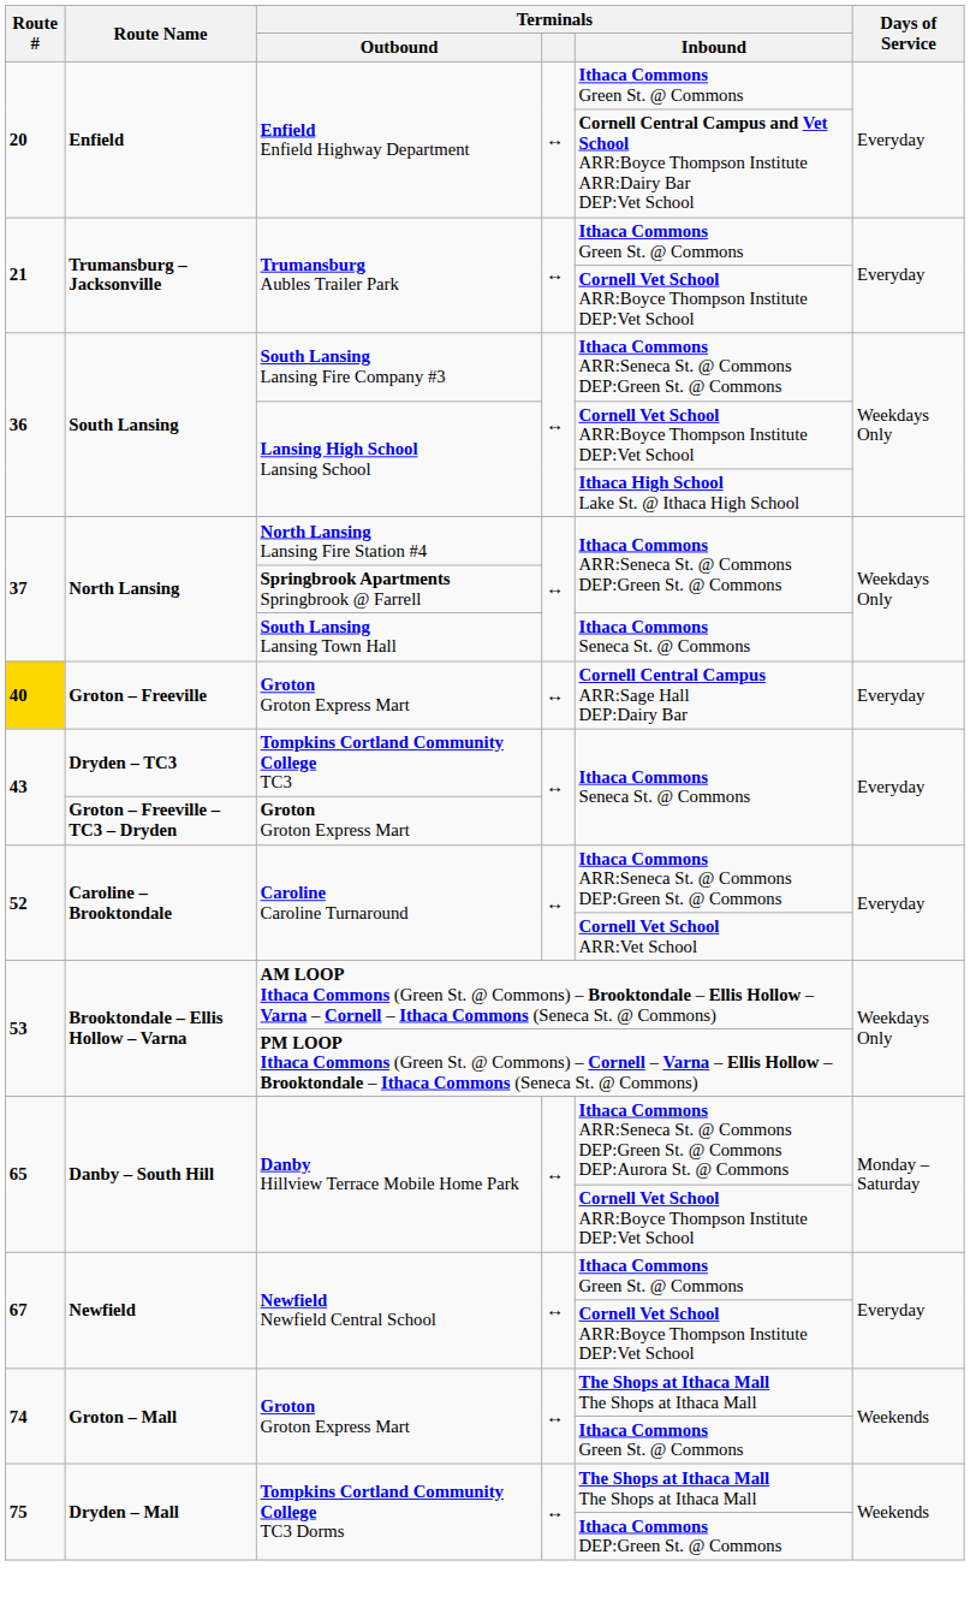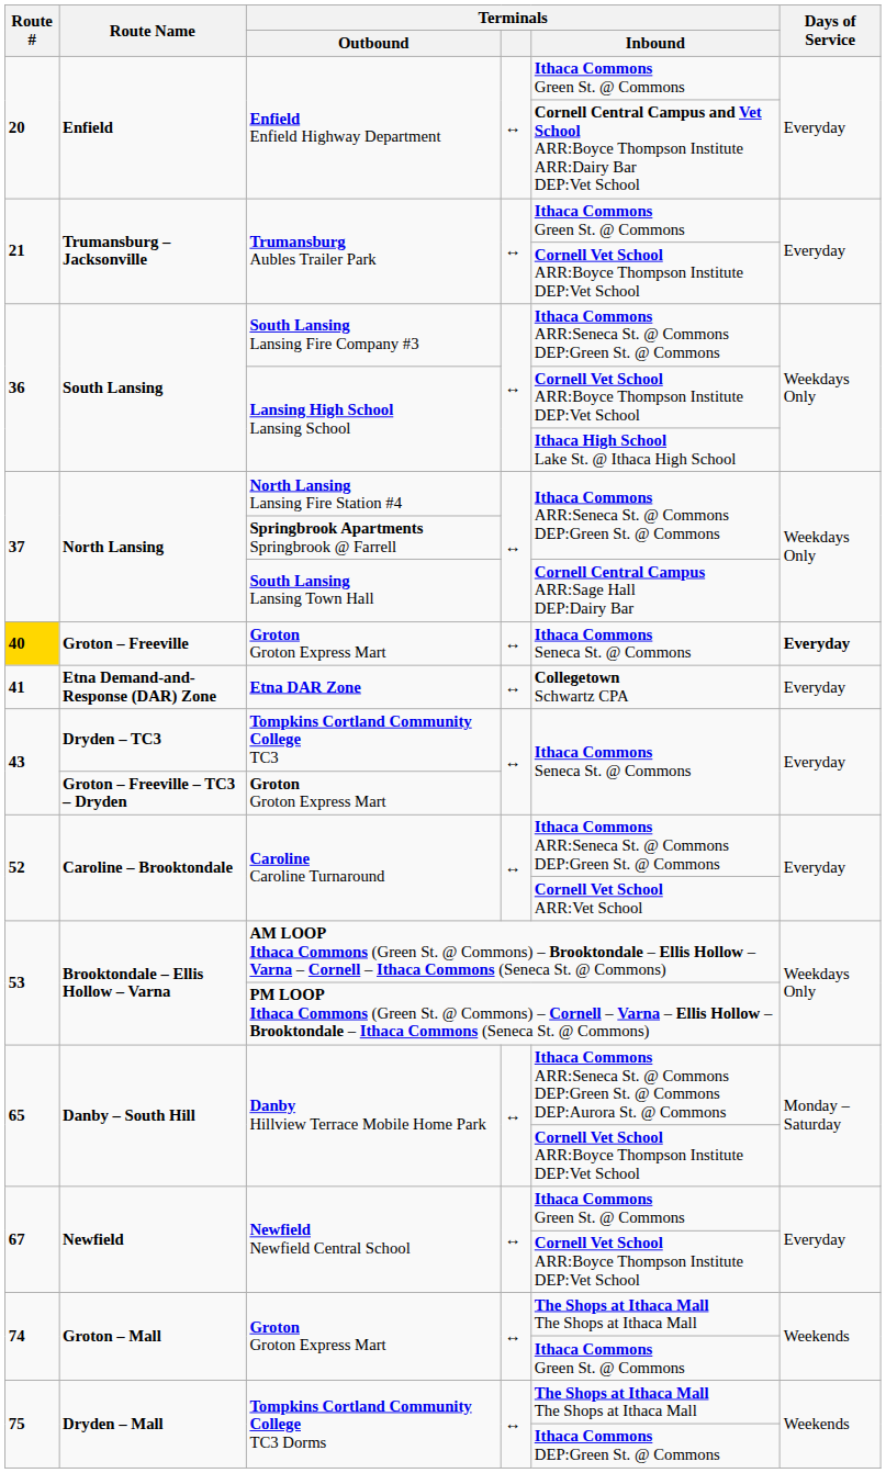 <table class="wikitable">
 <tr>
 <th rowspan="2">Route #</th>
 <th rowspan="2">Route Name</th>
 <th colspan="3">Terminals</th>
 <th rowspan="2">Days of Service</th>
 </tr>
 <tr>
 <th>Outbound</th>
 <th></th>
 <th>Inbound</th>
 </tr>
 <tr>
 <td rowspan="2"><strong>20</strong></td>
 <td rowspan="2"><strong>Enfield</strong></td>
 <td rowspan="2"><strong><a href='#'>Enfield</a></strong><br>Enfield Highway Department</td>
 <td rowspan="2">↔</td>
 <td><strong><a href='#'>Ithaca Commons</a></strong><br>Green St. @ Commons</td>
 <td rowspan="2">Everyday</td>
 </tr>
 <tr>
 <td><strong>Cornell Central Campus and <a href='#'>Vet School</a></strong><br>ARR:Boyce Thompson Institute<br>ARR:Dairy Bar<br>DEP:Vet School</td>
 </tr>
 <tr>
 <td rowspan="2"><strong>21</strong></td>
 <td rowspan="2"><strong>Trumansburg – Jacksonville</strong></td>
 <td rowspan="2"><strong><a href='#'>Trumansburg</a></strong><br>Aubles Trailer Park</td>
 <td rowspan="2">↔</td>
 <td><strong><a href='#'>Ithaca Commons</a></strong><br>Green St. @ Commons</td>
 <td rowspan="2">Everyday</td>
 </tr>
 <tr>
 <td><strong><a href='#'>Cornell Vet School</a></strong><br>ARR:Boyce Thompson Institute<br>DEP:Vet School</td>
 </tr>
 <tr>
 <td rowspan="3"><strong>36</strong></td>
 <td rowspan="3"><strong>South Lansing</strong></td>
 <td><strong><a href='#'>South Lansing</a></strong><br>Lansing Fire Company #3</td>
 <td rowspan="3">↔</td>
 <td><strong><a href='#'>Ithaca Commons</a></strong><br>ARR:Seneca St. @ Commons<br>DEP:Green St. @ Commons</td>
 <td rowspan="3">Weekdays Only</td>
 </tr>
 <tr>
 <td rowspan="2"><strong><a href='#'>Lansing High School</a></strong><br>Lansing School</td>
 <td><strong><a href='#'>Cornell Vet School</a></strong><br>ARR:Boyce Thompson Institute<br>DEP:Vet School</td>
 </tr>
 <tr>
 <td><strong><a href='#'>Ithaca High School</a></strong><br>Lake St. @ Ithaca High School</td>
 </tr>
 <tr>
 <td rowspan="3"><strong>37</strong></td>
 <td rowspan="3"><strong>North Lansing</strong></td>
 <td><strong><a href='#'>North Lansing</a></strong><br>Lansing Fire Station #4</td>
 <td rowspan="3">↔</td>
 <td rowspan="2"><strong><a href='#'>Ithaca Commons</a></strong><br>ARR:Seneca St. @ Commons<br>DEP:Green St. @ Commons</td>
 <td rowspan="3">Weekdays Only</td>
 </tr>
 <tr>
 <td><strong>Springbrook Apartments</strong><br>Springbrook @ Farrell</td>
 </tr>
 <tr>
 <td><strong><a href='#'>South Lansing</a></strong><br>Lansing Town Hall</td>
-<td><strong><a href='#'>Ithaca Commons</a></strong><br>Seneca St. @ Commons</td>
+<td><strong><a href='#'>Cornell Central Campus</a></strong><br>ARR:Sage Hall<br>DEP:Dairy Bar</td>
 </tr>
 <tr>
 <td style="background: gold;"><strong>40</strong></td>
 <td><strong>Groton – Freeville</strong></td>
 <td><strong><a href='#'>Groton</a></strong><br>Groton Express Mart</td>
 <td>↔</td>
-<td><strong><a href='#'>Cornell Central Campus</a></strong><br>ARR:Sage Hall<br>DEP:Dairy Bar</td>
+<td><strong><a href='#'>Ithaca Commons</a></strong><br>Seneca St. @ Commons</td>
+<td><strong>Everyday</strong></td>
+</tr>
+<tr>
+<td><strong>41</strong></td>
+<td><strong>Etna Demand-and-Response (DAR) Zone</strong></td>
+<td><strong><a href='#'>Etna DAR Zone</a></strong></td>
+<td>↔</td>
+<td><strong>Collegetown</strong><br>Schwartz CPA</td>
 <td>Everyday</td>
 </tr>
 <tr>
 <td rowspan="2"><strong>43</strong></td>
 <td><strong>Dryden – TC3</strong></td>
 <td><strong><a href='#'>Tompkins Cortland Community College</a></strong><br>TC3</td>
 <td rowspan="2">↔</td>
 <td rowspan="2"><strong><a href='#'>Ithaca Commons</a></strong><br>Seneca St. @ Commons</td>
 <td rowspan="2">Everyday</td>
 </tr>
 <tr>
 <td><strong>Groton – Freeville – TC3 – Dryden</strong></td>
 <td><strong>Groton</strong><br>Groton Express Mart</td>
 </tr>
 <tr>
 <td rowspan="2"><strong>52</strong></td>
 <td rowspan="2"><strong>Caroline – Brooktondale</strong></td>
 <td rowspan="2"><strong><a href='#'>Caroline</a></strong><br>Caroline Turnaround</td>
 <td rowspan="2">↔</td>
 <td><strong><a href='#'>Ithaca Commons</a></strong><br>ARR:Seneca St. @ Commons<br>DEP:Green St. @ Commons</td>
 <td rowspan="2">Everyday</td>
 </tr>
 <tr>
 <td><strong><a href='#'>Cornell Vet School</a></strong><br>ARR:Vet School</td>
 </tr>
 <tr>
 <td rowspan="2"><strong>53</strong></td>
 <td rowspan="2"><strong>Brooktondale – Ellis Hollow – Varna</strong></td>
 <td colspan="3"><strong>AM LOOP</strong><br><strong><a href='#'>Ithaca Commons</a></strong> (Green St. @ Commons) – <strong>Brooktondale</strong> – <strong>Ellis Hollow</strong> – <strong><a href='#'>Varna</a></strong> – <strong><a href='#'>Cornell</a></strong> – <strong><a href='#'>Ithaca Commons</a></strong> (Seneca St. @ Commons)</td>
 <td rowspan="2">Weekdays Only</td>
 </tr>
 <tr>
 <td colspan="3"><strong>PM LOOP</strong><br><strong><a href='#'>Ithaca Commons</a></strong> (Green St. @ Commons) – <strong><a href='#'>Cornell</a></strong> – <strong><a href='#'>Varna</a></strong> – <strong>Ellis Hollow</strong> – <strong>Brooktondale</strong> – <strong><a href='#'>Ithaca Commons</a></strong> (Seneca St. @ Commons)</td>
 </tr>
 <tr>
 <td rowspan="2"><strong>65</strong></td>
 <td rowspan="2"><strong>Danby – South Hill</strong></td>
 <td rowspan="2"><strong><a href='#'>Danby</a></strong><br>Hillview Terrace Mobile Home Park</td>
 <td rowspan="2">↔</td>
 <td><strong><a href='#'>Ithaca Commons</a></strong><br>ARR:Seneca St. @ Commons<br>DEP:Green St. @ Commons<br>DEP:Aurora St. @ Commons</td>
 <td rowspan="2">Monday – Saturday</td>
 </tr>
 <tr>
 <td><strong><a href='#'>Cornell Vet School</a></strong><br>ARR:Boyce Thompson Institute<br>DEP:Vet School</td>
 </tr>
 <tr>
 <td rowspan="2"><strong>67</strong></td>
 <td rowspan="2"><strong>Newfield</strong></td>
 <td rowspan="2"><strong><a href='#'>Newfield</a></strong><br>Newfield Central School</td>
 <td rowspan="2">↔</td>
 <td><strong><a href='#'>Ithaca Commons</a></strong><br>Green St. @ Commons</td>
 <td rowspan="2">Everyday</td>
 </tr>
 <tr>
 <td><strong><a href='#'>Cornell Vet School</a></strong><br>ARR:Boyce Thompson Institute<br>DEP:Vet School</td>
 </tr>
 <tr>
 <td rowspan="2"><strong>74</strong></td>
 <td rowspan="2"><strong>Groton – Mall</strong></td>
 <td rowspan="2"><strong><a href='#'>Groton</a></strong><br>Groton Express Mart</td>
 <td rowspan="2">↔</td>
 <td><strong><a href='#'>The Shops at Ithaca Mall</a></strong><br>The Shops at Ithaca Mall</td>
 <td rowspan="2">Weekends</td>
 </tr>
 <tr>
 <td><strong><a href='#'>Ithaca Commons</a></strong><br>Green St. @ Commons</td>
 </tr>
 <tr>
 <td rowspan="2"><strong>75</strong></td>
 <td rowspan="2"><strong>Dryden – Mall</strong></td>
 <td rowspan="2"><strong><a href='#'>Tompkins Cortland Community College</a></strong><br>TC3 Dorms</td>
 <td rowspan="2">↔</td>
 <td><strong><a href='#'>The Shops at Ithaca Mall</a></strong><br>The Shops at Ithaca Mall</td>
 <td rowspan="2">Weekends</td>
 </tr>
 <tr>
 <td><strong><a href='#'>Ithaca Commons</a></strong><br>DEP:Green St. @ Commons</td>
 </tr>
 </table>
